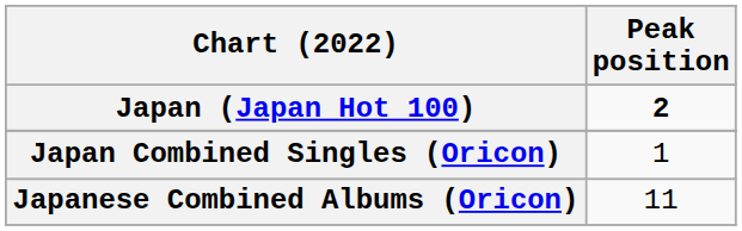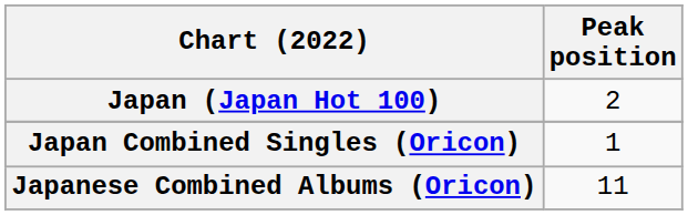 <table class="wikitable sortable plainrowheaders" style="text-align:center">
 <tr>
 <th scope="col">Chart (2022)</th>
 <th scope="col">Peak<br>position</th>
 </tr>
 <tr>
 <th scope="row">Japan (<a href='#'>Japan Hot 100</a>)</th>
-<td><strong>2</strong></td>
+<td>2</td>
 </tr>
 <tr>
 </tr>
 <tr>
 <th scope="row">Japan Combined Singles (<a href='#'>Oricon</a>)</th>
 <td>1</td>
 </tr>
 <tr>
 <th scope="row">Japanese Combined Albums (<a href='#'>Oricon</a>)</th>
 <td>11</td>
 </tr>
 </table>
